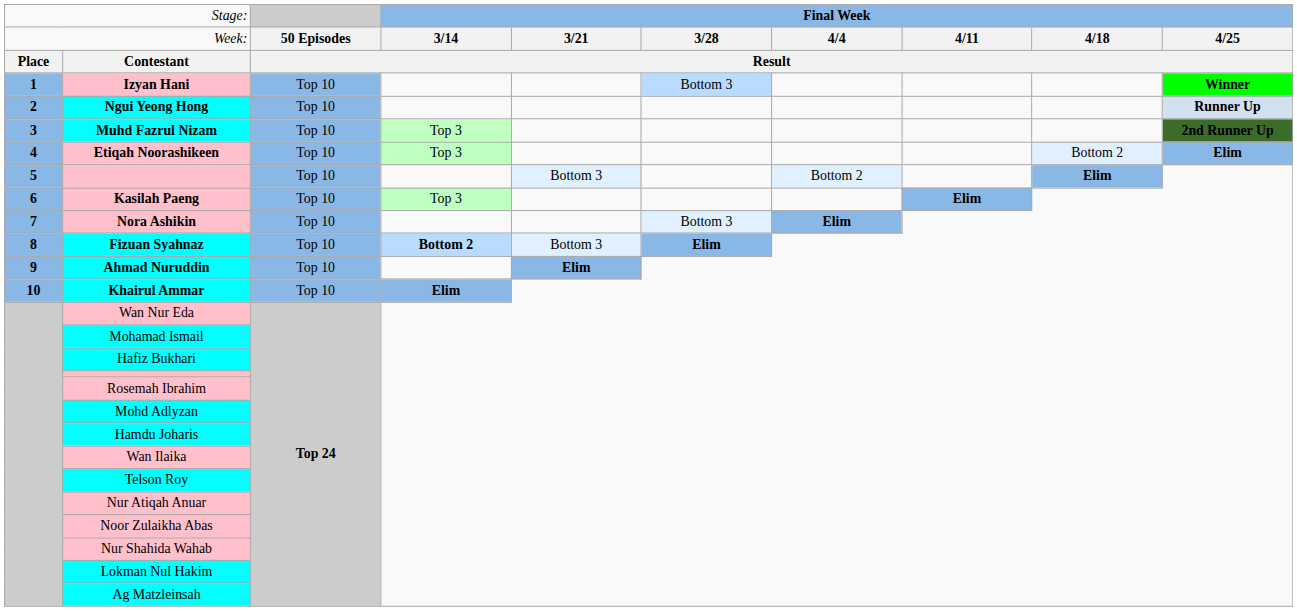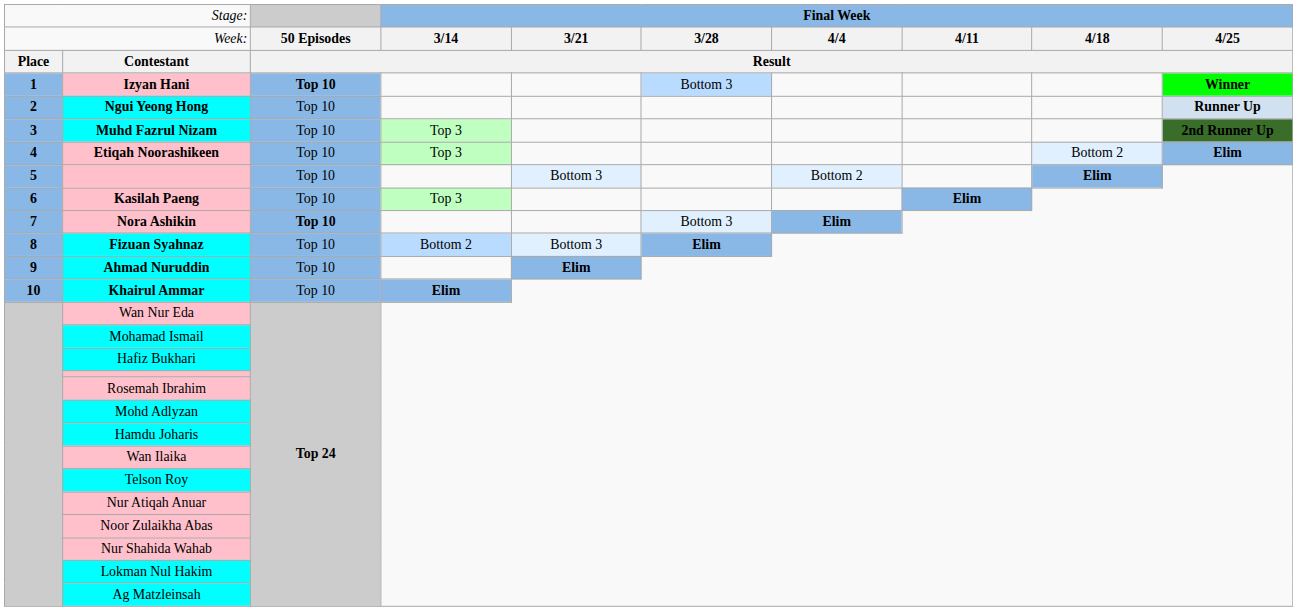 <table class="wikitable" style="text-align:center; font-size:85%; width:100%">
 <tr>
 <td colspan="2" style="text-align:right;"><em>Stage:</em></td>
 <td style="width:6%; background:#ccc;"></td>
 <td colspan="7" style="background:#8ab8e6;"><strong>Final Week</strong></td>
 </tr>
 <tr>
 <td colspan="2" style="text-align:right;"><em>Week:</em></td>
 <th width=9%>50 Episodes</th>
 <th width=9%>3/14</th>
 <th width=9%>3/21</th>
 <th width=9%>3/28</th>
 <th width=9%>4/4</th>
 <th width=9%>4/11</th>
 <th width=9%>4/18</th>
 <th width=9%>4/25</th>
 </tr>
 <tr>
 <th width=4%>Place</th>
 <th width=13%>Contestant</th>
 <th colspan="8">Result</th>
 </tr>
 <tr>
 <td style="background:#8ab8e6;"><strong>1</strong></td>
 <td style="background:pink;"><strong>Izyan Hani</strong></td>
-<td style="background:#8ab8e6;">Top 10</td>
+<td style="background:#8ab8e6;"><strong>Top 10</strong></td>
 <td></td>
 <td></td>
 <td style="background:#b8dbff;">Bottom 3</td>
 <td></td>
 <td></td>
 <td></td>
 <td style="background:lime;"><strong>Winner</strong></td>
 </tr>
 <tr>
 <td style="background:#8ab8e6;"><strong>2</strong></td>
 <td style="background:cyan;"><strong>Ngui Yeong Hong</strong></td>
 <td style="background:#8ab8e6;">Top 10</td>
 <td></td>
 <td></td>
 <td></td>
 <td></td>
 <td></td>
 <td></td>
 <td style="background:#d1e1ef;"><strong>Runner Up</strong></td>
 </tr>
 <tr>
 <td style="background:#8ab8e6;"><strong>3</strong></td>
 <td style="background:cyan;"><strong>Muhd Fazrul Nizam</strong></td>
 <td style="background:#8ab8e6;">Top 10</td>
 <td style="background:#BFFFC0;">Top 3</td>
 <td></td>
 <td></td>
 <td></td>
 <td></td>
 <td></td>
 <td style="background:#3a6d2a;"><strong>2nd Runner Up</strong></td>
 </tr>
 <tr>
 <td style="background:#8ab8e6;"><strong>4</strong></td>
 <td style="background:pink;"><strong>Etiqah Noorashikeen</strong></td>
 <td style="background:#8ab8e6;">Top 10</td>
 <td style="background:#BFFFC0;">Top 3</td>
 <td></td>
 <td></td>
 <td></td>
 <td></td>
 <td style="background:#e0f0ff;">Bottom 2</td>
 <td style="background:#8ab8e6;"><strong>Elim</strong></td>
 </tr>
 <tr>
 <td style="background:#8ab8e6;"><strong>5</strong></td>
 <td style="background:pink;"><strong></strong></td>
 <td style="background:#8ab8e6;">Top 10</td>
 <td></td>
 <td style="background:#e0f0ff;">Bottom 3</td>
 <td></td>
 <td style="background:#e0f0ff;">Bottom 2</td>
 <td></td>
 <td style="background:#8ab8e6;"><strong>Elim</strong></td>
 </tr>
 <tr>
 <td style="background:#8ab8e6;"><strong>6</strong></td>
 <td style="background:pink;"><strong>Kasilah Paeng</strong></td>
 <td style="background:#8ab8e6;">Top 10</td>
 <td style="background:#BFFFC0;">Top 3</td>
 <td></td>
 <td></td>
 <td></td>
 <td style="background:#8ab8e6;"><strong>Elim</strong></td>
 </tr>
 <tr>
 <td style="background:#8ab8e6;"><strong>7</strong></td>
 <td style="background:pink;"><strong>Nora Ashikin</strong></td>
-<td style="background:#8ab8e6;">Top 10</td>
+<td style="background:#8ab8e6;"><strong>Top 10</strong></td>
 <td></td>
 <td></td>
 <td style="background:#e0f0ff;">Bottom 3</td>
 <td style="background:#8ab8e6;"><strong>Elim</strong></td>
 </tr>
 <tr>
 <td style="background:#8ab8e6;"><strong>8</strong></td>
 <td style="background:cyan;"><strong>Fizuan Syahnaz</strong></td>
 <td style="background:#8ab8e6;">Top 10</td>
-<td style="background:#b8dbff;"><strong>Bottom 2</strong></td>
+<td style="background:#b8dbff;">Bottom 2</td>
 <td style="background:#e0f0ff;">Bottom 3</td>
 <td style="background:#8ab8e6;"><strong>Elim</strong></td>
 </tr>
 <tr>
 <td style="background:#8ab8e6;"><strong>9</strong></td>
 <td style="background:cyan;"><strong>Ahmad Nuruddin</strong></td>
 <td style="background:#8ab8e6;">Top 10</td>
 <td></td>
 <td style="background:#8ab8e6;"><strong>Elim</strong></td>
 </tr>
 <tr>
 <td style="background:#8ab8e6;"><strong>10</strong></td>
 <td style="background:cyan;"><strong>Khairul Ammar </strong></td>
 <td style="background:#8ab8e6;">Top 10</td>
 <td style="background:#8ab8e6;"><strong>Elim</strong></td>
 </tr>
 <tr>
 <td style="background:#ccc;" rowspan="15"></td>
 <td style="background:pink;">Wan Nur Eda</td>
 <td style="background:#ccc;" rowspan="18"><strong>Top 24</strong></td>
 </tr>
 <tr>
 <td style="background:cyan;">Mohamad Ismail</td>
 </tr>
 <tr>
 <td style="background:cyan;">Hafiz Bukhari</td>
 </tr>
 <tr>
 <td style="background:pink;"></td>
 </tr>
 <tr>
 <td style="background:pink;">Rosemah Ibrahim</td>
 </tr>
 <tr>
 <td style="background:cyan;">Mohd Adlyzan</td>
 </tr>
 <tr>
 <td style="background:cyan;">Hamdu Joharis</td>
 </tr>
 <tr>
 <td style="background:pink;">Wan Ilaika</td>
 </tr>
 <tr>
 <td style="background:cyan;">Telson Roy</td>
 </tr>
 <tr>
 <td style="background:pink;">Nur Atiqah Anuar</td>
 </tr>
 <tr>
 <td style="background:pink;">Noor Zulaikha Abas</td>
 </tr>
 <tr>
 <td style="background:pink;">Nur Shahida Wahab</td>
 </tr>
 <tr>
 <td style="background:cyan;">Lokman Nul Hakim</td>
 </tr>
 <tr>
 <td style="background:cyan;">Ag Matzleinsah</td>
 </tr>
 </table>
